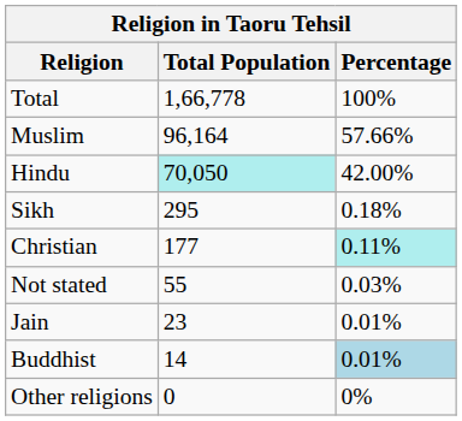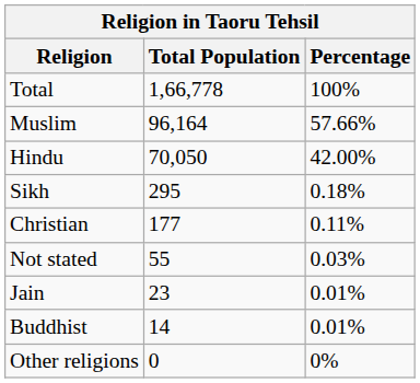 <table class="wikitable">
 <tr>
 <th colspan="3">Religion in Taoru Tehsil</th>
 </tr>
 <tr>
 <th>Religion</th>
 <th>Total Population</th>
 <th>Percentage</th>
 </tr>
 <tr>
 <td>Total</td>
 <td>1,66,778</td>
 <td>100%</td>
 </tr>
 <tr>
 <td>Muslim</td>
 <td>96,164</td>
 <td>57.66%</td>
 </tr>
 <tr>
 <td>Hindu</td>
-<td style="background: paleturquoise;">70,050</td>
+<td>70,050</td>
 <td>42.00%</td>
 </tr>
 <tr>
 <td>Sikh</td>
 <td>295</td>
 <td>0.18%</td>
 </tr>
 <tr>
 <td>Christian</td>
 <td>177</td>
-<td style="background: paleturquoise;">0.11%</td>
+<td>0.11%</td>
 </tr>
 <tr>
 <td>Not stated</td>
 <td>55</td>
 <td>0.03%</td>
 </tr>
 <tr>
 <td>Jain</td>
 <td>23</td>
 <td>0.01%</td>
 </tr>
 <tr>
 <td>Buddhist</td>
 <td>14</td>
-<td style="background: lightblue;">0.01%</td>
+<td>0.01%</td>
 </tr>
 <tr>
 <td>Other religions</td>
 <td>0</td>
 <td>0%</td>
 </tr>
 </table>
